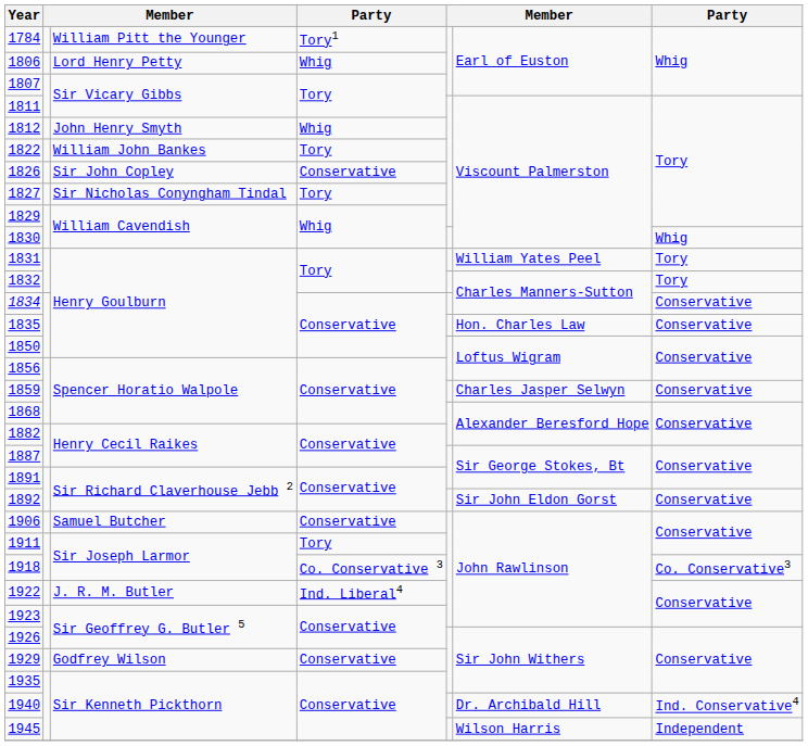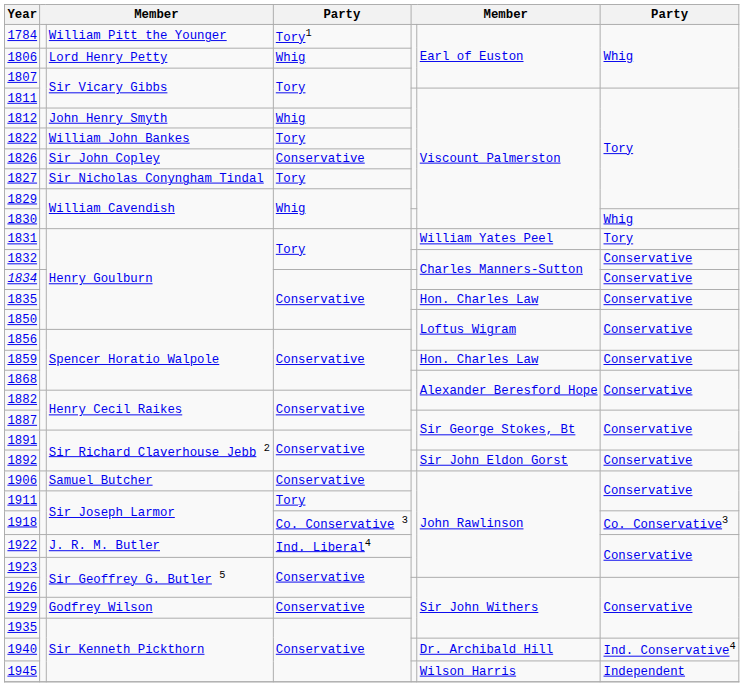 <table class="wikitable">
 <tr>
 <th>Year</th>
 <th colspan="2">Member</th>
 <th>Party</th>
 <th colspan="2">Member</th>
 <th>Party</th>
 </tr>
 <tr>
 <td><a href='#'>1784</a></td>
 <td style="color:inherit;background-color: "></td>
 <td><a href='#'>William Pitt the Younger</a></td>
 <td><a href='#'>Tory</a><sup>1</sup></td>
 <td rowspan="3" style="color:inherit;background-color: "></td>
 <td rowspan=3><a href='#'>Earl of Euston</a></td>
 <td rowspan=3><a href='#'>Whig</a></td>
 </tr>
 <tr>
 <td><a href='#'>1806</a></td>
 <td style="color:inherit;background-color: "></td>
 <td><a href='#'>Lord Henry Petty</a></td>
 <td><a href='#'>Whig</a></td>
 </tr>
 <tr>
 <td><a href='#'>1807</a></td>
 <td rowspan="2" style="color:inherit;background-color: "></td>
 <td rowspan=2><a href='#'>Sir Vicary Gibbs</a></td>
 <td rowspan=2><a href='#'>Tory</a></td>
 </tr>
 <tr>
 <td><a href='#'>1811</a></td>
 <td rowspan="6" style="color:inherit;background-color: "></td>
 <td rowspan=7><a href='#'>Viscount Palmerston</a></td>
 <td rowspan=6><a href='#'>Tory</a></td>
 </tr>
 <tr>
 <td><a href='#'>1812</a></td>
 <td style="color:inherit;background-color: "></td>
 <td><a href='#'>John Henry Smyth</a></td>
 <td><a href='#'>Whig</a></td>
 </tr>
 <tr>
 <td><a href='#'>1822</a></td>
 <td style="color:inherit;background-color: "></td>
 <td><a href='#'>William John Bankes</a></td>
 <td><a href='#'>Tory</a></td>
 </tr>
 <tr>
 <td><a href='#'>1826</a></td>
 <td style="color:inherit;background-color: "></td>
 <td><a href='#'>Sir John Copley</a></td>
 <td><a href='#'>Conservative</a></td>
 </tr>
 <tr>
 <td><a href='#'>1827</a></td>
 <td style="color:inherit;background-color: "></td>
 <td><a href='#'>Sir Nicholas Conyngham Tindal</a></td>
 <td><a href='#'>Tory</a></td>
 </tr>
 <tr>
 <td><a href='#'>1829</a></td>
 <td rowspan="2" style="color:inherit;background-color: "></td>
 <td rowspan="2"><a href='#'>William Cavendish</a></td>
 <td rowspan="2"><a href='#'>Whig</a></td>
 </tr>
 <tr>
 <td><a href='#'>1830</a></td>
 <td style="color:inherit;background-color: "></td>
 <td><a href='#'>Whig</a></td>
 </tr>
 <tr>
 <td><a href='#'>1831</a></td>
 <td rowspan="2" style="color:inherit;background-color: "></td>
 <td rowspan=5><a href='#'>Henry Goulburn</a></td>
 <td rowspan="2"><a href='#'>Tory</a></td>
 <td style="color:inherit;background-color: "></td>
 <td><a href='#'>William Yates Peel</a></td>
 <td><a href='#'>Tory</a></td>
 </tr>
 <tr>
 <td><a href='#'>1832</a></td>
 <td style="color:inherit;background-color: "></td>
 <td rowspan="2"><a href='#'>Charles Manners-Sutton</a></td>
-<td><a href='#'>Tory</a></td>
+<td><a href='#'>Conservative</a></td>
 </tr>
 <tr>
 <td><em><a href='#'>1834</a></em></td>
 <td rowspan="3" style="color:inherit;background-color: "></td>
 <td rowspan="3"><a href='#'>Conservative</a></td>
 <td style="color:inherit;background-color: "></td>
 <td><a href='#'>Conservative</a></td>
 </tr>
 <tr>
 <td><a href='#'>1835</a></td>
 <td style="color:inherit;background-color: "></td>
 <td><a href='#'>Hon. Charles Law</a></td>
 <td><a href='#'>Conservative</a></td>
 </tr>
 <tr>
 <td><a href='#'>1850</a></td>
 <td rowspan="2" style="color:inherit;background-color: "></td>
 <td rowspan=2><a href='#'>Loftus Wigram</a></td>
 <td rowspan=2><a href='#'>Conservative</a></td>
 </tr>
 <tr>
 <td><a href='#'>1856</a></td>
 <td rowspan="3" style="color:inherit;background-color: "></td>
 <td rowspan=3><a href='#'>Spencer Horatio Walpole</a></td>
 <td rowspan=3><a href='#'>Conservative</a></td>
 </tr>
 <tr>
 <td><a href='#'>1859</a></td>
 <td style="color:inherit;background-color: "></td>
-<td><a href='#'>Charles Jasper Selwyn</a></td>
+<td><a href='#'>Hon. Charles Law</a></td>
 <td><a href='#'>Conservative</a></td>
 </tr>
 <tr>
 <td><a href='#'>1868</a></td>
 <td rowspan="2" style="color:inherit;background-color: "></td>
 <td rowspan=2><a href='#'>Alexander Beresford Hope</a></td>
 <td rowspan=2><a href='#'>Conservative</a></td>
 </tr>
 <tr>
 <td><a href='#'>1882</a></td>
 <td rowspan="2" style="color:inherit;background-color: "></td>
 <td rowspan=2><a href='#'>Henry Cecil Raikes</a></td>
 <td rowspan=2><a href='#'>Conservative</a></td>
 </tr>
 <tr>
 <td><a href='#'>1887</a></td>
 <td rowspan="2" style="color:inherit;background-color: "></td>
 <td rowspan=2><a href='#'>Sir George Stokes, Bt</a></td>
 <td rowspan=2><a href='#'>Conservative</a></td>
 </tr>
 <tr>
 <td><a href='#'>1891</a></td>
 <td rowspan="2" style="color:inherit;background-color: "></td>
 <td rowspan=2><a href='#'>Sir Richard Claverhouse Jebb</a> <sup>2</sup></td>
 <td rowspan=2><a href='#'>Conservative</a></td>
 </tr>
 <tr>
 <td><a href='#'>1892</a></td>
 <td style="color:inherit;background-color: "></td>
 <td><a href='#'>Sir John Eldon Gorst</a></td>
 <td><a href='#'>Conservative</a></td>
 </tr>
 <tr>
 <td><a href='#'>1906</a></td>
 <td style="color:inherit;background-color: "></td>
 <td><a href='#'>Samuel Butcher</a></td>
 <td><a href='#'>Conservative</a></td>
 <td rowspan="5" style="color:inherit;background-color: "></td>
 <td rowspan=5><a href='#'>John Rawlinson</a></td>
 <td rowspan=2><a href='#'>Conservative</a></td>
 </tr>
 <tr>
 <td><a href='#'>1911</a></td>
 <td rowspan="2" style="color:inherit;background-color: "></td>
 <td rowspan=2><a href='#'>Sir Joseph Larmor</a></td>
 <td><a href='#'>Tory</a></td>
 </tr>
 <tr>
 <td><a href='#'>1918</a></td>
 <td><a href='#'>Co. Conservative</a> <sup>3</sup></td>
 <td><a href='#'>Co. Conservative</a><sup>3</sup></td>
 </tr>
 <tr>
 <td><a href='#'>1922</a></td>
 <td style="color:inherit;background-color: "></td>
 <td><a href='#'>J. R. M. Butler</a></td>
 <td><a href='#'>Ind. Liberal</a><sup>4</sup></td>
 <td rowspan=2><a href='#'>Conservative</a></td>
 </tr>
 <tr>
 <td><a href='#'>1923</a></td>
 <td rowspan="2" style="color:inherit;background-color: "></td>
 <td rowspan=2><a href='#'>Sir Geoffrey G. Butler</a> <sup>5</sup></td>
 <td rowspan=2><a href='#'>Conservative</a></td>
 </tr>
 <tr>
 <td><a href='#'>1926</a></td>
 <td rowspan="3" style="color:inherit;background-color: "></td>
 <td rowspan=3><a href='#'>Sir John Withers</a></td>
 <td rowspan=3><a href='#'>Conservative</a></td>
 </tr>
 <tr>
 <td><a href='#'>1929</a></td>
 <td style="color:inherit;background-color: "></td>
 <td><a href='#'>Godfrey Wilson</a></td>
 <td><a href='#'>Conservative</a></td>
 </tr>
 <tr>
 <td><a href='#'>1935</a></td>
 <td rowspan="3" style="color:inherit;background-color: "></td>
 <td rowspan=3><a href='#'>Sir Kenneth Pickthorn</a></td>
 <td rowspan=3><a href='#'>Conservative</a></td>
 </tr>
 <tr>
 <td><a href='#'>1940</a></td>
 <td style="color:inherit;background-color: "></td>
 <td><a href='#'>Dr. Archibald Hill</a></td>
 <td><a href='#'>Ind. Conservative</a><sup>4</sup></td>
 </tr>
 <tr>
 <td><a href='#'>1945</a></td>
 <td style="color:inherit;background-color: "></td>
 <td><a href='#'>Wilson Harris</a></td>
 <td><a href='#'>Independent</a></td>
 </tr>
 <tr>
 </tr>
 </table>
